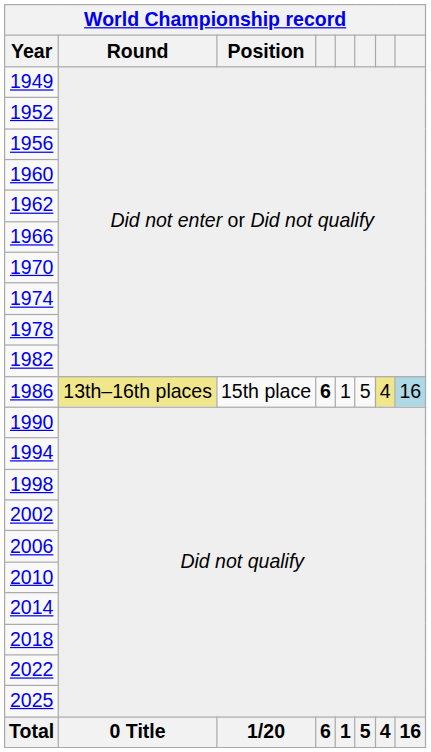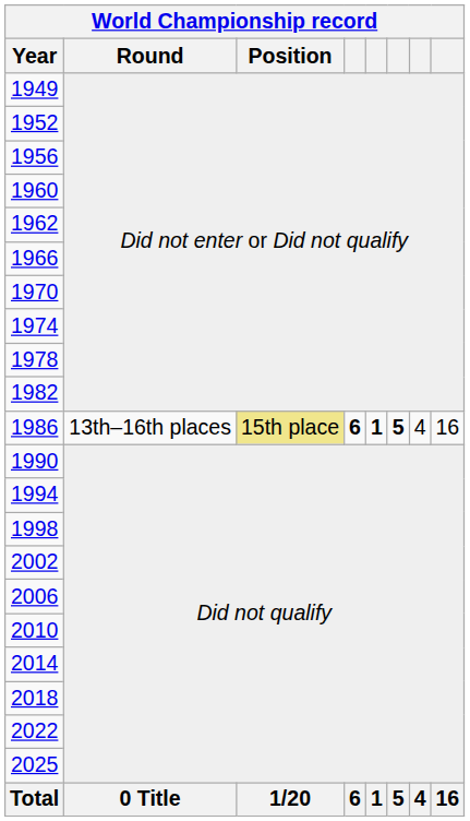 <table class="wikitable" style="text-align:center">
 <tr>
 <th colspan=8><a href='#'>World Championship record</a></th>
 </tr>
 <tr>
 <th>Year</th>
 <th>Round</th>
 <th>Position</th>
 <th></th>
 <th></th>
 <th></th>
 <th></th>
 <th></th>
 </tr>
 <tr>
 <td> <a href='#'>1949</a></td>
 <td bgcolor=#efefef colspan=7 rowspan=10><em>Did not enter</em> or <em>Did not qualify</em></td>
 </tr>
 <tr>
 <td> <a href='#'>1952</a></td>
 </tr>
 <tr>
 <td> <a href='#'>1956</a></td>
 </tr>
 <tr>
 <td> <a href='#'>1960</a></td>
 </tr>
 <tr>
 <td> <a href='#'>1962</a></td>
 </tr>
 <tr>
 <td> <a href='#'>1966</a></td>
 </tr>
 <tr>
 <td> <a href='#'>1970</a></td>
 </tr>
 <tr>
 <td> <a href='#'>1974</a></td>
 </tr>
 <tr>
 <td> <a href='#'>1978</a></td>
 </tr>
 <tr>
 <td> <a href='#'>1982</a></td>
 </tr>
 <tr>
 <td> <a href='#'>1986</a></td>
-<td style="background: khaki;">13th–16th places</td>
-<td>15th place</td>
+<td>13th–16th places</td>
+<td style="background: khaki;">15th place</td>
 <td><strong>6</strong></td>
-<td>1</td>
-<td>5</td>
-<td style="background: khaki;">4</td>
-<td style="background: lightblue;">16</td>
+<td><strong>1</strong></td>
+<td><strong>5</strong></td>
+<td>4</td>
+<td>16</td>
 </tr>
 <tr>
 <td> <a href='#'>1990</a></td>
 <td bgcolor=#efefef colspan=7 rowspan=10><em>Did not qualify</em></td>
 </tr>
 <tr>
 <td> <a href='#'>1994</a></td>
 </tr>
 <tr>
 <td> <a href='#'>1998</a></td>
 </tr>
 <tr>
 <td> <a href='#'>2002</a></td>
 </tr>
 <tr>
 <td> <a href='#'>2006</a></td>
 </tr>
 <tr>
 <td> <a href='#'>2010</a></td>
 </tr>
 <tr>
 <td> <a href='#'>2014</a></td>
 </tr>
 <tr>
 <td>  <a href='#'>2018</a></td>
 </tr>
 <tr>
 <td>  <a href='#'>2022</a></td>
 </tr>
 <tr>
 <td> <a href='#'>2025</a></td>
 </tr>
 <tr>
 <th>Total</th>
 <th>0 Title</th>
 <th>1/20</th>
 <th>6</th>
 <th>1</th>
 <th>5</th>
 <th>4</th>
 <th>16</th>
 </tr>
 </table>
